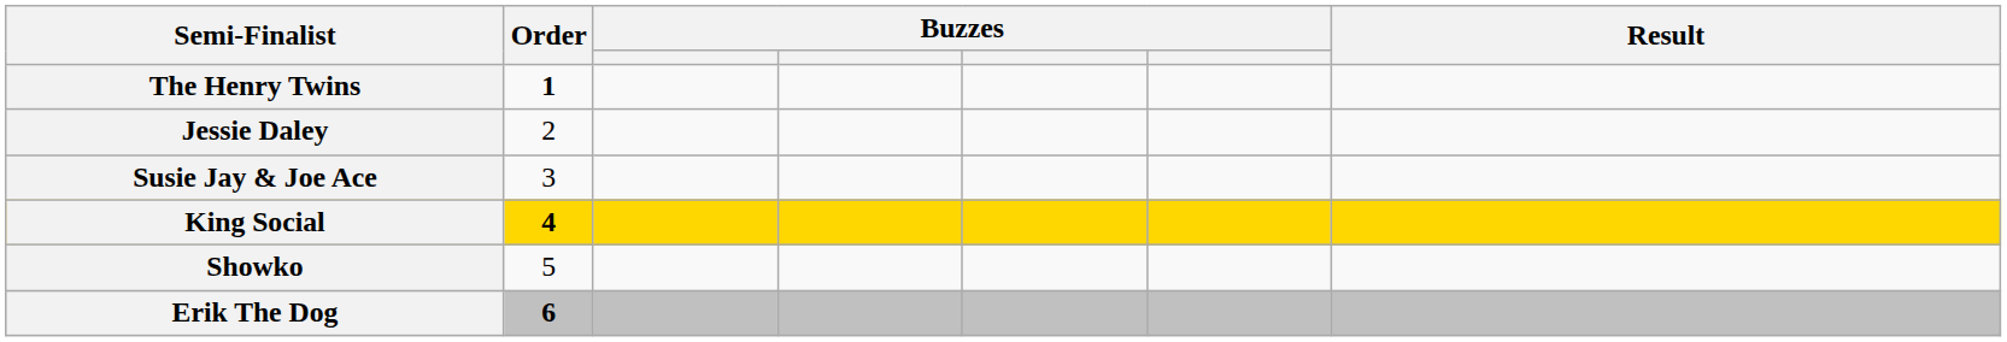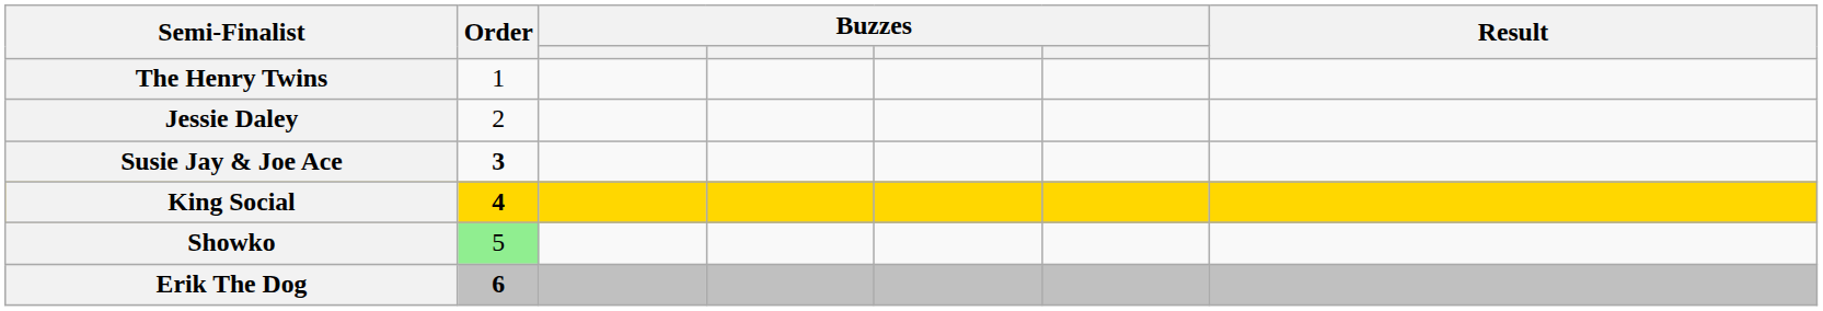 <table class="wikitable plainrowheaders sortable" style="text-align:center;">
 <tr>
 <th scope="col" rowspan="2" class="unsortable" style="width:17em;">Semi-Finalist</th>
 <th scope="col" rowspan="2" style="width:1em;">Order</th>
 <th scope="col" colspan="4" class="unsortable" style="width:24em;">Buzzes</th>
 <th scope="col" rowspan="2" style="width:23em;">Result</th>
 </tr>
 <tr>
 <th scope="col" class="unsortable" style="width:6em;"></th>
 <th scope="col" class="unsortable" style="width:6em;"></th>
 <th scope="col" class="unsortable" style="width:6em;"></th>
 <th scope="col" class="unsortable" style="width:6em;"></th>
 </tr>
 <tr>
 <th scope="row">The Henry Twins</th>
-<td><strong>1</strong></td>
+<td>1</td>
 <td style="text-align:center;"></td>
 <td style="text-align:center;"></td>
 <td style="text-align:center;"></td>
 <td style="text-align:center;"></td>
 <td></td>
 </tr>
 <tr>
 <th scope="row">Jessie Daley</th>
 <td>2</td>
 <td style="text-align:center;"></td>
 <td style="text-align:center;"></td>
 <td style="text-align:center;"></td>
 <td style="text-align:center;"></td>
 <td></td>
 </tr>
 <tr>
 <th scope="row">Susie Jay & Joe Ace</th>
-<td>3</td>
+<td><strong>3</strong></td>
 <td style="text-align:center;"></td>
 <td style="text-align:center;"></td>
 <td style="text-align:center;"></td>
 <td style="text-align:center;"></td>
 <td></td>
 </tr>
 <tr bgcolor=gold>
 <th scope="row"><strong>King Social</strong></th>
 <td><strong>4</strong></td>
 <td style="text-align:center;"></td>
 <td style="text-align:center;"></td>
 <td style="text-align:center;"></td>
 <td style="text-align:center;"></td>
 <td><strong></strong></td>
 </tr>
 <tr>
 <th scope="row">Showko</th>
-<td>5</td>
+<td style="background: lightgreen;">5</td>
 <td style="text-align:center;"></td>
 <td style="text-align:center;"></td>
 <td style="text-align:center;"></td>
 <td style="text-align:center;"></td>
 <td></td>
 </tr>
 <tr bgcolor=silver>
 <th scope="row"><strong>Erik The Dog</strong></th>
 <td><strong>6</strong></td>
 <td style="text-align:center;"></td>
 <td style="text-align:center;"></td>
 <td style="text-align:center;"></td>
 <td style="text-align:center;"></td>
 <td><strong></strong></td>
 </tr>
 </table>
